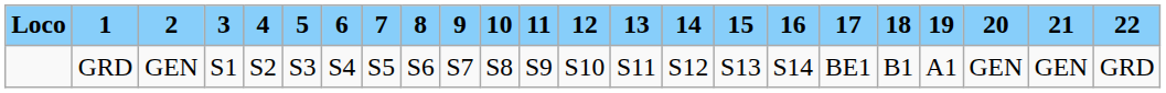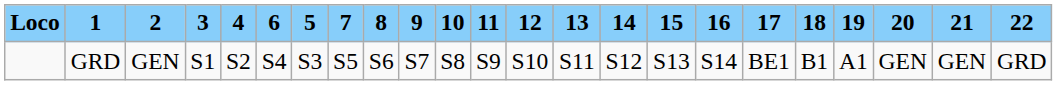 <table class="wikitable plainrowheaders unsortable" style="text-align:center">
 <tr>
 <th scope="col" rowspan="1" style="background:lightskyblue;">Loco</th>
 <th scope="col" rowspan="1" style="background:lightskyblue;">1</th>
 <th scope="col" rowspan="1" style="background:lightskyblue;">2</th>
 <th scope="col" rowspan="1" style="background:lightskyblue;">3</th>
 <th scope="col" rowspan="1" style="background:lightskyblue;">4</th>
+<th scope="col" rowspan="1" style="background:lightskyblue;">6</th>
 <th scope="col" rowspan="1" style="background:lightskyblue;">5</th>
-<th scope="col" rowspan="1" style="background:lightskyblue;">6</th>
 <th scope="col" rowspan="1" style="background:lightskyblue;">7</th>
 <th scope="col" rowspan="1" style="background:lightskyblue;">8</th>
 <th scope="col" rowspan="1" style="background:lightskyblue;">9</th>
 <th scope="col" rowspan="1" style="background:lightskyblue;">10</th>
 <th scope="col" rowspan="1" style="background:lightskyblue;">11</th>
 <th scope="col" rowspan="1" style="background:lightskyblue;">12</th>
 <th scope="col" rowspan="1" style="background:lightskyblue;">13</th>
 <th scope="col" rowspan="1" style="background:lightskyblue;">14</th>
 <th scope="col" rowspan="1" style="background:lightskyblue;">15</th>
 <th scope="col" rowspan="1" style="background:lightskyblue;">16</th>
 <th scope="col" rowspan="1" style="background:lightskyblue;">17</th>
 <th scope="col" rowspan="1" style="background:lightskyblue;">18</th>
 <th scope="col" rowspan="1" style="background:lightskyblue;">19</th>
 <th scope="col" rowspan="1" style="background:lightskyblue;">20</th>
 <th scope="col" rowspan="1" style="background:lightskyblue;">21</th>
 <th scope="col" rowspan="1" style="background:lightskyblue;">22</th>
 </tr>
 <tr>
 <td></td>
 <td>GRD</td>
 <td>GEN</td>
 <td>S1</td>
 <td>S2</td>
+<td>S4</td>
 <td>S3</td>
-<td>S4</td>
 <td>S5</td>
 <td>S6</td>
 <td>S7</td>
 <td>S8</td>
 <td>S9</td>
 <td>S10</td>
 <td>S11</td>
 <td>S12</td>
 <td>S13</td>
 <td>S14</td>
 <td>BE1</td>
 <td>B1</td>
 <td>A1</td>
 <td>GEN</td>
 <td>GEN</td>
 <td>GRD</td>
 </tr>
 </table>
